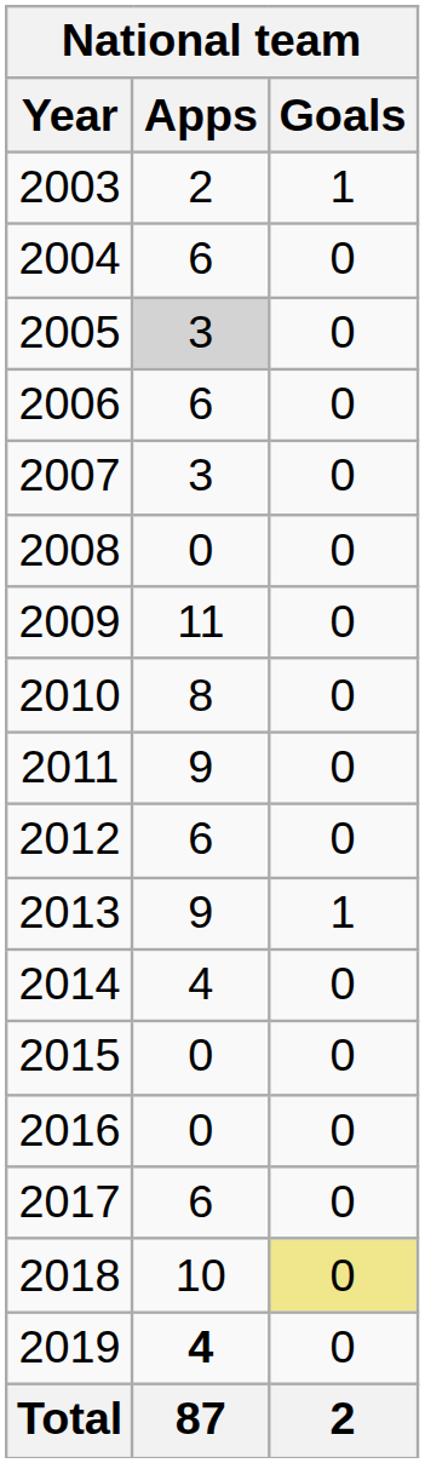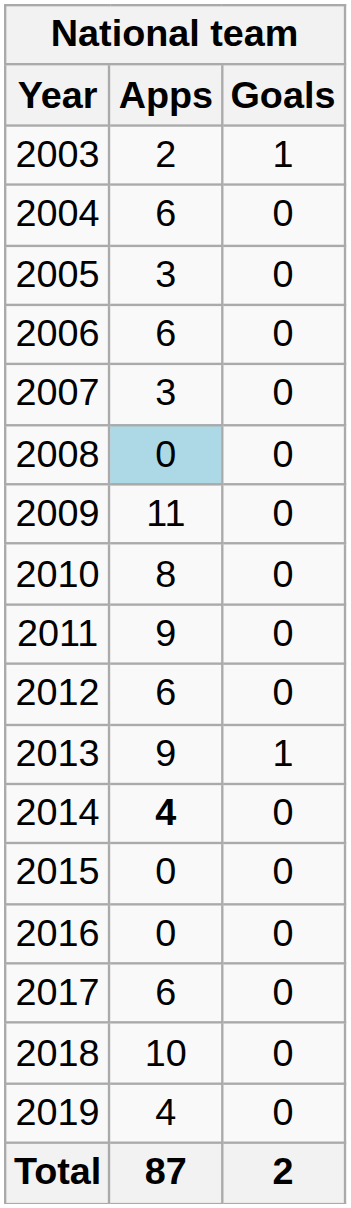 <table class="wikitable" style="text-align:center">
 <tr>
 <th colspan=3>National team</th>
 </tr>
 <tr>
 <th>Year</th>
 <th>Apps</th>
 <th>Goals</th>
 </tr>
 <tr>
 <td>2003</td>
 <td>2</td>
 <td>1</td>
 </tr>
 <tr>
 <td>2004</td>
 <td>6</td>
 <td>0</td>
 </tr>
 <tr>
 <td>2005</td>
-<td style="background: lightgrey;">3</td>
+<td>3</td>
 <td>0</td>
 </tr>
 <tr>
 <td>2006</td>
 <td>6</td>
 <td>0</td>
 </tr>
 <tr>
 <td>2007</td>
 <td>3</td>
 <td>0</td>
 </tr>
 <tr>
 <td>2008</td>
-<td>0</td>
+<td style="background: lightblue;">0</td>
 <td>0</td>
 </tr>
 <tr>
 <td>2009</td>
 <td>11</td>
 <td>0</td>
 </tr>
 <tr>
 <td>2010</td>
 <td>8</td>
 <td>0</td>
 </tr>
 <tr>
 <td>2011</td>
 <td>9</td>
 <td>0</td>
 </tr>
 <tr>
 <td>2012</td>
 <td>6</td>
 <td>0</td>
 </tr>
 <tr>
 <td>2013</td>
 <td>9</td>
 <td>1</td>
 </tr>
 <tr>
 <td>2014</td>
-<td>4</td>
+<td><strong>4</strong></td>
 <td>0</td>
 </tr>
 <tr>
 <td>2015</td>
 <td>0</td>
 <td>0</td>
 </tr>
 <tr>
 <td>2016</td>
 <td>0</td>
 <td>0</td>
 </tr>
 <tr>
 <td>2017</td>
 <td>6</td>
 <td>0</td>
 </tr>
 <tr>
 <td>2018</td>
 <td>10</td>
-<td style="background: khaki;">0</td>
+<td>0</td>
 </tr>
 <tr>
 <td>2019</td>
-<td><strong>4</strong></td>
+<td>4</td>
 <td>0</td>
 </tr>
 <tr>
 <th>Total</th>
 <th>87</th>
 <th>2</th>
 </tr>
 </table>
